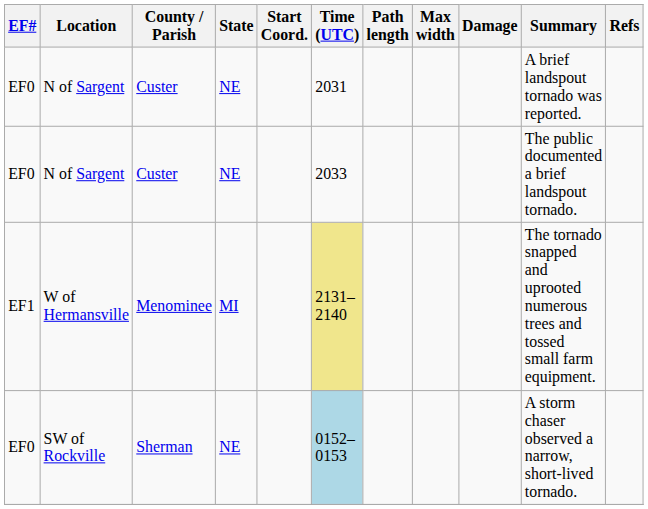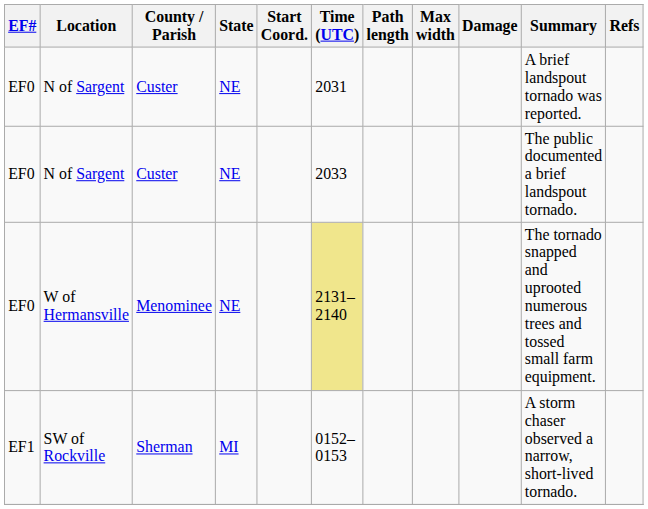 <table class="wikitable sortable" style="width:100%;">
 <tr>
 <th scope="col" width="3%" align="center"><a href='#'>EF#</a></th>
 <th scope="col" width="7%" align="center" class="unsortable">Location</th>
 <th scope="col" width="6%" align="center" class="unsortable">County / Parish</th>
 <th scope="col" width="5%" align="center">State</th>
 <th scope="col" width="6%" align="center">Start Coord.</th>
 <th scope="col" width="6%" align="center">Time (<a href='#'>UTC</a>)</th>
 <th scope="col" width="6%" align="center">Path length</th>
 <th scope="col" width="6%" align="center">Max width</th>
 <th scope="col" width="6%" align="center">Damage</th>
 <th scope="col" width="48%" class="unsortable" align="center">Summary</th>
 <th scope="col" width="48%" class="unsortable" align="center">Refs</th>
 </tr>
 <tr>
 <td>EF0</td>
 <td>N of <a href='#'>Sargent</a></td>
 <td><a href='#'>Custer</a></td>
 <td><a href='#'>NE</a></td>
 <td></td>
 <td>2031</td>
 <td></td>
 <td></td>
 <td></td>
 <td>A brief landspout tornado was reported.</td>
 <td></td>
 </tr>
 <tr>
 <td>EF0</td>
 <td>N of <a href='#'>Sargent</a></td>
 <td><a href='#'>Custer</a></td>
 <td><a href='#'>NE</a></td>
 <td></td>
 <td>2033</td>
 <td></td>
 <td></td>
 <td></td>
 <td>The public documented a brief landspout tornado.</td>
 <td></td>
 </tr>
 <tr>
-<td>EF1</td>
+<td>EF0</td>
 <td>W of <a href='#'>Hermansville</a></td>
 <td><a href='#'>Menominee</a></td>
-<td><a href='#'>MI</a></td>
+<td><a href='#'>NE</a></td>
 <td></td>
 <td style="background: khaki;">2131–2140</td>
 <td></td>
 <td></td>
 <td></td>
 <td>The tornado snapped and uprooted numerous trees and tossed small farm equipment.</td>
 <td></td>
 </tr>
 <tr>
-<td>EF0</td>
+<td>EF1</td>
 <td>SW of <a href='#'>Rockville</a></td>
 <td><a href='#'>Sherman</a></td>
-<td><a href='#'>NE</a></td>
+<td><a href='#'>MI</a></td>
 <td></td>
-<td style="background: lightblue;">0152–0153</td>
+<td>0152–0153</td>
 <td></td>
 <td></td>
 <td></td>
 <td>A storm chaser observed a narrow, short-lived tornado.</td>
 <td></td>
 </tr>
 <tr>
 </tr>
 </table>
